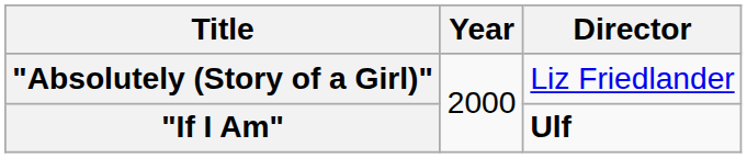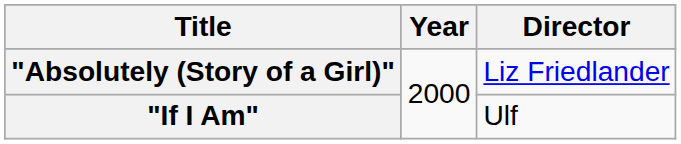 <table class="wikitable plainrowheaders">
 <tr>
 <th>Title</th>
 <th>Year</th>
 <th>Director</th>
 </tr>
 <tr>
 <th scope="row">"Absolutely (Story of a Girl)"</th>
 <td rowspan="2">2000</td>
 <td><a href='#'>Liz Friedlander</a></td>
 </tr>
 <tr>
 <th scope="row">"If I Am"</th>
-<td><strong>Ulf</strong></td>
+<td>Ulf</td>
 </tr>
 </table>
